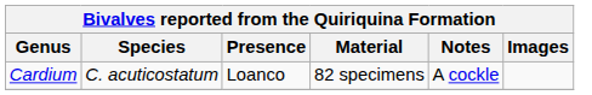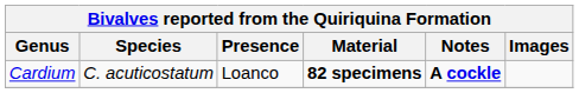 <table class="wikitable" align="center">
 <tr>
 <th colspan="6" align="center"><strong><a href='#'>Bivalves</a> reported from the Quiriquina Formation</strong></th>
 </tr>
 <tr>
 <th>Genus</th>
 <th>Species</th>
 <th>Presence</th>
 <th><strong>Material</strong></th>
 <th>Notes</th>
 <th>Images</th>
 </tr>
 <tr>
 <td><em><a href='#'>Cardium</a></em></td>
 <td><em>C. acuticostatum</em></td>
 <td>Loanco</td>
-<td>82 specimens</td>
-<td>A <a href='#'>cockle</a></td>
+<td><strong>82 specimens</strong></td>
+<td><strong>A <a href='#'>cockle</a></strong></td>
 <td></td>
 </tr>
 <tr>
 </tr>
 </table>
